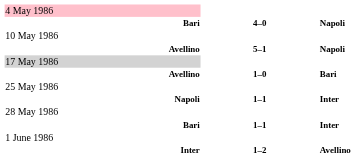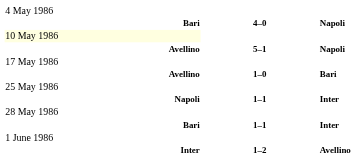 <table width=100% cellspacing=1>
 <tr>
 <th width=20%></th>
 <th width=12%></th>
 <th width=20%></th>
 <th></th>
 </tr>
 <tr>
-<td style="background: pink;">4 May 1986</td>
+<td>4 May 1986</td>
 </tr>
 <tr style=font-size:90%>
 <td align=right><strong>Bari</strong></td>
 <td align=center><strong>4–0</strong></td>
 <td><strong>Napoli</strong></td>
 </tr>
 <tr>
-<td>10 May 1986</td>
+<td style="background: lightyellow;">10 May 1986</td>
 </tr>
 <tr style=font-size:90%>
 <td align=right><strong>Avellino</strong></td>
 <td align=center><strong>5–1</strong></td>
 <td><strong>Napoli</strong></td>
 </tr>
 <tr>
-<td style="background: lightgrey;">17 May 1986</td>
+<td>17 May 1986</td>
 </tr>
 <tr style=font-size:90%>
 <td align=right><strong>Avellino</strong></td>
 <td align=center><strong>1–0</strong></td>
 <td><strong>Bari</strong></td>
 </tr>
 <tr>
 <td>25 May 1986</td>
 </tr>
 <tr style=font-size:90%>
 <td align=right><strong>Napoli</strong></td>
 <td align=center><strong>1–1</strong></td>
 <td><strong>Inter</strong></td>
 </tr>
 <tr>
 <td>28 May 1986</td>
 </tr>
 <tr style=font-size:90%>
 <td align=right><strong>Bari</strong></td>
 <td align=center><strong>1–1</strong></td>
 <td><strong>Inter</strong></td>
 </tr>
 <tr>
 <td>1 June 1986</td>
 </tr>
 <tr style=font-size:90%>
 <td align=right><strong>Inter</strong></td>
 <td align=center><strong>1–2</strong></td>
 <td><strong>Avellino</strong></td>
 </tr>
 </table>
